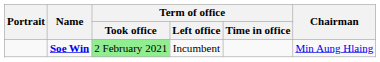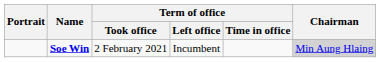 <table class="wikitable" style="text-align:center">
 <tr>
 <th rowspan=2>Portrait</th>
 <th rowspan=2>Name<br></th>
 <th colspan=3>Term of office</th>
 <th rowspan=2>Chairman</th>
 </tr>
 <tr>
 <th>Took office</th>
 <th>Left office</th>
 <th>Time in office</th>
 </tr>
 <tr>
 <td></td>
 <td><strong><a href='#'>Soe Win</a></strong><br></td>
-<td style="background: lightgreen;">2 February 2021</td>
+<td>2 February 2021</td>
 <td>Incumbent</td>
 <td></td>
-<td><a href='#'>Min Aung Hlaing</a></td>
+<td style="background: lightgrey;"><a href='#'>Min Aung Hlaing</a></td>
 </tr>
 </table>
